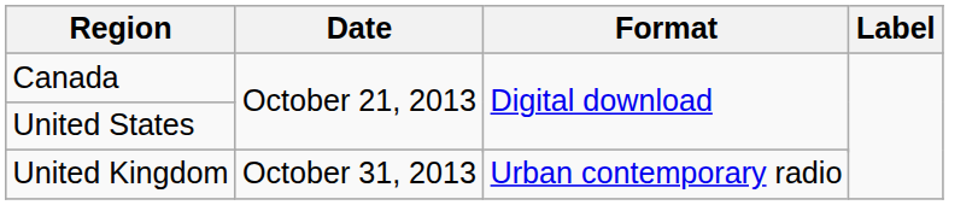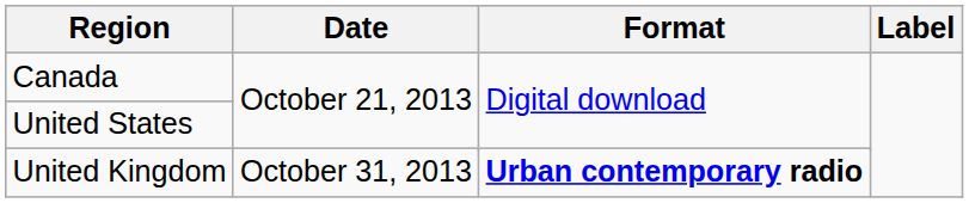 <table class="wikitable plainrowheaders">
 <tr>
 <th>Region</th>
 <th>Date</th>
 <th>Format</th>
 <th>Label</th>
 </tr>
 <tr>
 <td>Canada</td>
 <td rowspan="3">October 21, 2013</td>
 <td rowspan="3"><a href='#'>Digital download</a></td>
 <td rowspan="4"></td>
 </tr>
 <tr>
 <td>United States</td>
 </tr>
 <tr>
 <td rowspan="2">United Kingdom</td>
 </tr>
 <tr>
 <td>October 31, 2013</td>
-<td><a href='#'>Urban contemporary</a> radio</td>
+<td><strong><a href='#'>Urban contemporary</a> radio</strong></td>
 </tr>
 </table>
